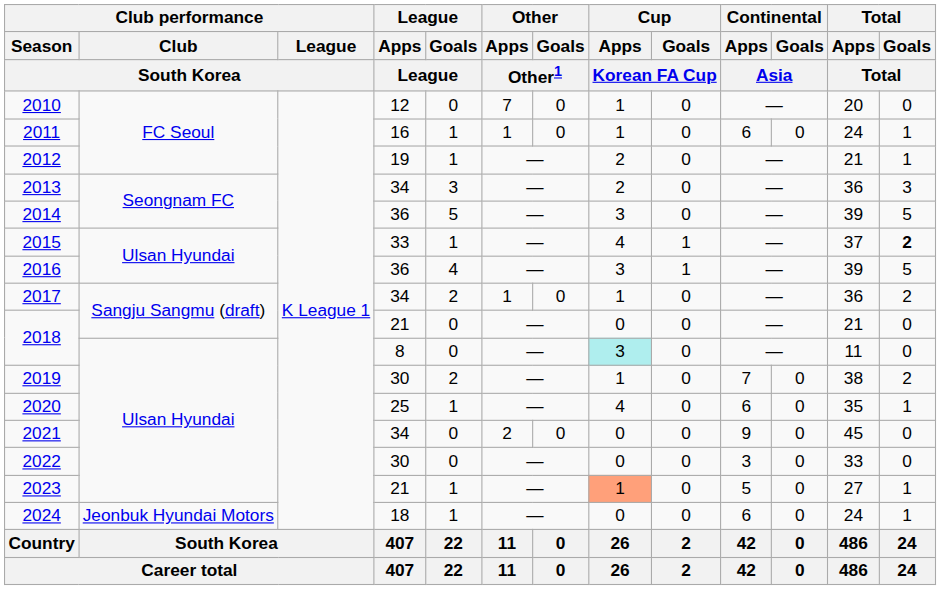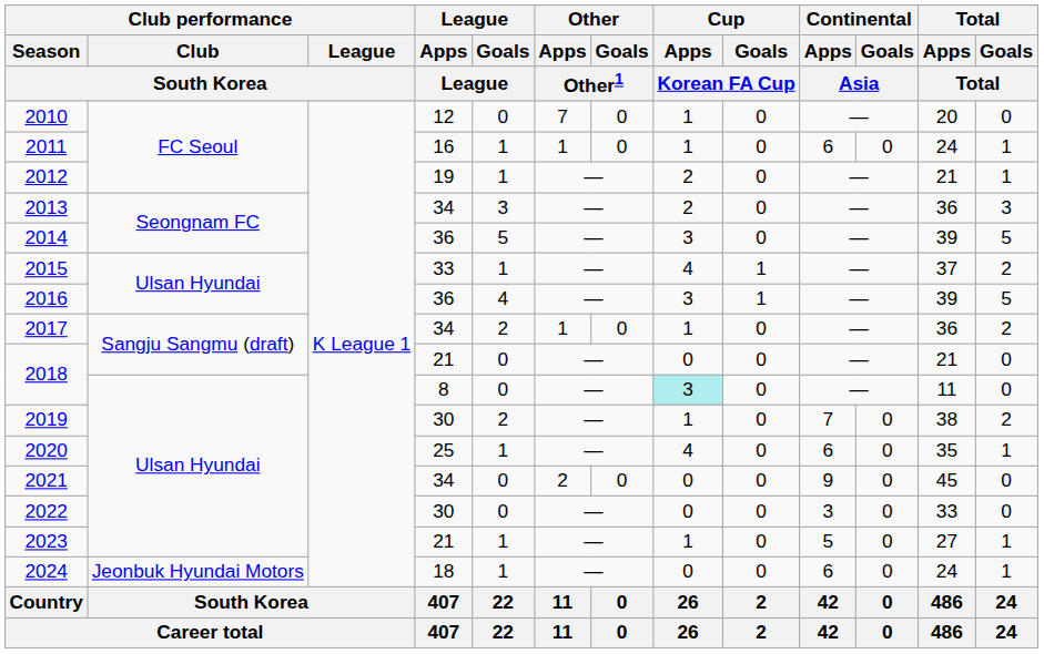 <table class="wikitable" style="text-align:center">
 <tr>
 <th colspan=3>Club performance</th>
 <th colspan=2>League</th>
 <th colspan=2>Other</th>
 <th colspan=2>Cup</th>
 <th colspan=2>Continental</th>
 <th colspan=2>Total</th>
 </tr>
 <tr>
 <th>Season</th>
 <th>Club</th>
 <th>League</th>
 <th>Apps</th>
 <th>Goals</th>
 <th>Apps</th>
 <th>Goals</th>
 <th>Apps</th>
 <th>Goals</th>
 <th>Apps</th>
 <th>Goals</th>
 <th>Apps</th>
 <th>Goals</th>
 </tr>
 <tr>
 <th colspan=3>South Korea</th>
 <th colspan=2>League</th>
 <th colspan=2>Other<sup><a href='#'>1</a></sup></th>
 <th colspan=2><a href='#'>Korean FA Cup</a></th>
 <th colspan=2><a href='#'>Asia</a></th>
 <th colspan=2>Total</th>
 </tr>
 <tr>
 <td><a href='#'>2010</a></td>
 <td rowspan=3><a href='#'>FC Seoul</a></td>
 <td rowspan=16><a href='#'>K League 1</a></td>
 <td>12</td>
 <td>0</td>
 <td>7</td>
 <td>0</td>
 <td>1</td>
 <td>0</td>
 <td colspan=2>—</td>
 <td>20</td>
 <td>0</td>
 </tr>
 <tr>
 <td><a href='#'>2011</a></td>
 <td>16</td>
 <td>1</td>
 <td>1</td>
 <td>0</td>
 <td>1</td>
 <td>0</td>
 <td>6</td>
 <td>0</td>
 <td>24</td>
 <td>1</td>
 </tr>
 <tr>
 <td><a href='#'>2012</a></td>
 <td>19</td>
 <td>1</td>
 <td colspan=2>—</td>
 <td>2</td>
 <td>0</td>
 <td colspan=2>—</td>
 <td>21</td>
 <td>1</td>
 </tr>
 <tr>
 <td><a href='#'>2013</a></td>
 <td rowspan=2><a href='#'>Seongnam FC</a></td>
 <td>34</td>
 <td>3</td>
 <td colspan=2>—</td>
 <td>2</td>
 <td>0</td>
 <td colspan=2>—</td>
 <td>36</td>
 <td>3</td>
 </tr>
 <tr>
 <td><a href='#'>2014</a></td>
 <td>36</td>
 <td>5</td>
 <td colspan=2>—</td>
 <td>3</td>
 <td>0</td>
 <td colspan=2>—</td>
 <td>39</td>
 <td>5</td>
 </tr>
 <tr>
 <td><a href='#'>2015</a></td>
 <td rowspan=2><a href='#'>Ulsan Hyundai</a></td>
 <td>33</td>
 <td>1</td>
 <td colspan=2>—</td>
 <td>4</td>
 <td>1</td>
 <td colspan=2>—</td>
 <td>37</td>
-<td><strong>2</strong></td>
+<td>2</td>
 </tr>
 <tr>
 <td><a href='#'>2016</a></td>
 <td>36</td>
 <td>4</td>
 <td colspan=2>—</td>
 <td>3</td>
 <td>1</td>
 <td colspan=2>—</td>
 <td>39</td>
 <td>5</td>
 </tr>
 <tr>
 <td><a href='#'>2017</a></td>
 <td rowspan=2><a href='#'>Sangju Sangmu</a> (<a href='#'>draft</a>)</td>
 <td>34</td>
 <td>2</td>
 <td>1</td>
 <td>0</td>
 <td>1</td>
 <td>0</td>
 <td colspan=2>—</td>
 <td>36</td>
 <td>2</td>
 </tr>
 <tr>
 <td rowspan=2><a href='#'>2018</a></td>
 <td>21</td>
 <td>0</td>
 <td colspan=2>—</td>
 <td>0</td>
 <td>0</td>
 <td colspan=2>—</td>
 <td>21</td>
 <td>0</td>
 </tr>
 <tr>
 <td rowspan=6><a href='#'>Ulsan Hyundai</a></td>
 <td>8</td>
 <td>0</td>
 <td colspan=2>—</td>
 <td style="background: paleturquoise;">3</td>
 <td>0</td>
 <td colspan=2>—</td>
 <td>11</td>
 <td>0</td>
 </tr>
 <tr>
 <td><a href='#'>2019</a></td>
 <td>30</td>
 <td>2</td>
 <td colspan=2>—</td>
 <td>1</td>
 <td>0</td>
 <td>7</td>
 <td>0</td>
 <td>38</td>
 <td>2</td>
 </tr>
 <tr>
 <td><a href='#'>2020</a></td>
 <td>25</td>
 <td>1</td>
 <td colspan=2>—</td>
 <td>4</td>
 <td>0</td>
 <td>6</td>
 <td>0</td>
 <td>35</td>
 <td>1</td>
 </tr>
 <tr>
 <td><a href='#'>2021</a></td>
 <td>34</td>
 <td>0</td>
 <td>2</td>
 <td>0</td>
 <td>0</td>
 <td>0</td>
 <td>9</td>
 <td>0</td>
 <td>45</td>
 <td>0</td>
 </tr>
 <tr>
 <td><a href='#'>2022</a></td>
 <td>30</td>
 <td>0</td>
 <td colspan=2>—</td>
 <td>0</td>
 <td>0</td>
 <td>3</td>
 <td>0</td>
 <td>33</td>
 <td>0</td>
 </tr>
 <tr>
 <td><a href='#'>2023</a></td>
 <td>21</td>
 <td>1</td>
 <td colspan=2>—</td>
-<td style="background: lightsalmon;">1</td>
+<td>1</td>
 <td>0</td>
 <td>5</td>
 <td>0</td>
 <td>27</td>
 <td>1</td>
 </tr>
 <tr>
 <td><a href='#'>2024</a></td>
 <td rowspan=1><a href='#'>Jeonbuk Hyundai Motors</a></td>
 <td>18</td>
 <td>1</td>
 <td colspan=2>—</td>
 <td>0</td>
 <td>0</td>
 <td>6</td>
 <td>0</td>
 <td>24</td>
 <td>1</td>
 </tr>
 <tr>
 <th>Country</th>
 <th colspan=2>South Korea</th>
 <th>407</th>
 <th>22</th>
 <th>11</th>
 <th>0</th>
 <th>26</th>
 <th>2</th>
 <th>42</th>
 <th>0</th>
 <th>486</th>
 <th>24</th>
 </tr>
 <tr>
 <th colspan=3>Career total</th>
 <th>407</th>
 <th>22</th>
 <th>11</th>
 <th>0</th>
 <th>26</th>
 <th>2</th>
 <th>42</th>
 <th>0</th>
 <th>486</th>
 <th>24</th>
 </tr>
 </table>
